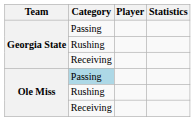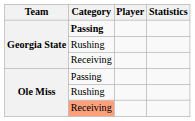 <table class="wikitable" style="float:right">
 <tr>
 <th>Team</th>
 <th>Category</th>
 <th>Player</th>
 <th>Statistics</th>
 </tr>
 <tr>
 <th rowspan=3>Georgia State</th>
-<td>Passing</td>
+<td><strong>Passing</strong></td>
 <td></td>
 <td></td>
 </tr>
 <tr>
 <td>Rushing</td>
 <td></td>
 <td></td>
 </tr>
 <tr>
 <td>Receiving</td>
 <td></td>
 <td></td>
 </tr>
 <tr>
 <th rowspan=3>Ole Miss</th>
-<td style="background: lightblue;">Passing</td>
+<td>Passing</td>
 <td></td>
 <td></td>
 </tr>
 <tr>
 <td>Rushing</td>
 <td></td>
 <td></td>
 </tr>
 <tr>
-<td>Receiving</td>
+<td style="background: lightsalmon;">Receiving</td>
 <td></td>
 <td></td>
 </tr>
 </table>
